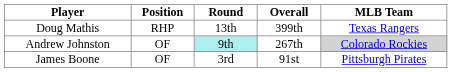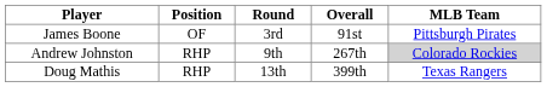 <table class="toccolours" border=1 style="text-align:center; border-collapse:collapse;">
 <tr>
 <th style="width:20%; ">Player</th>
 <th style="width:10%; ">Position</th>
 <th style="width:10%; ">Round</th>
 <th style="width:10%; ">Overall</th>
 <th style="width:20%; ">MLB Team</th>
 </tr>
 <tr>
+<td>James Boone</td>
+<td>OF</td>
+<td>3rd</td>
+<td>91st</td>
+<td><a href='#'>Pittsburgh Pirates</a></td>
+</tr>
+<tr>
+<td>Andrew Johnston</td>
+<td>RHP</td>
+<td>9th</td>
+<td>267th</td>
+<td style="background: lightgrey;"><a href='#'>Colorado Rockies</a></td>
+</tr>
+<tr>
 <td>Doug Mathis</td>
 <td>RHP</td>
 <td>13th</td>
 <td>399th</td>
 <td><a href='#'>Texas Rangers</a></td>
 </tr>
-<tr>
-<td>Andrew Johnston</td>
-<td>OF</td>
-<td style="background: paleturquoise;">9th</td>
-<td>267th</td>
-<td style="background: lightgrey;"><a href='#'>Colorado Rockies</a></td>
-</tr>
-<tr>
-<td>James Boone</td>
-<td>OF</td>
-<td>3rd</td>
-<td>91st</td>
-<td><a href='#'>Pittsburgh Pirates</a></td>
-</tr>
 </table>
